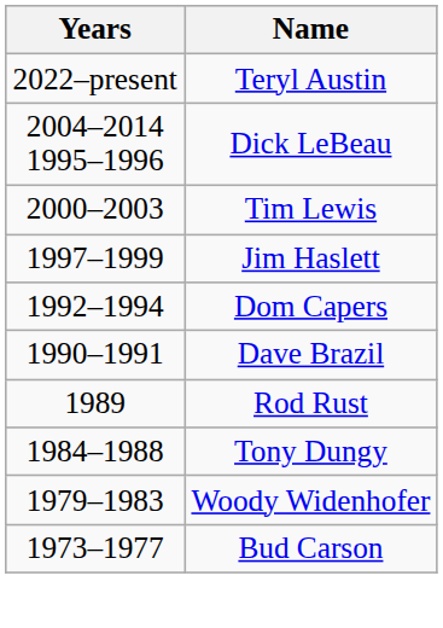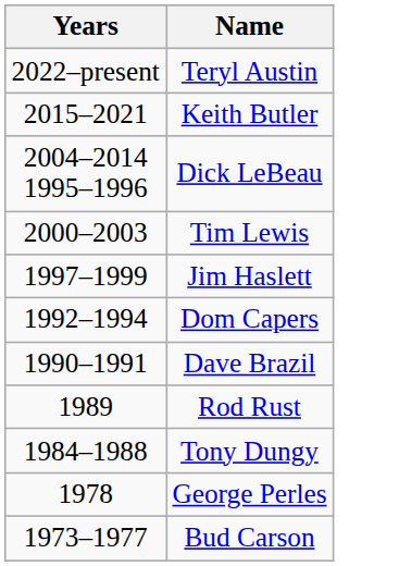 <table class="wikitable" style="text-align:center">
 <tr>
 <th>Years</th>
 <th>Name</th>
 </tr>
 <tr>
 <td>2022–present</td>
 <td><a href='#'>Teryl Austin</a></td>
+</tr>
+<tr>
+<td>2015–2021</td>
+<td><a href='#'>Keith Butler</a></td>
 </tr>
 <tr>
 <td>2004–2014<br>1995–1996</td>
 <td><a href='#'>Dick LeBeau</a></td>
 </tr>
 <tr>
 <td>2000–2003</td>
 <td><a href='#'>Tim Lewis</a></td>
 </tr>
 <tr>
 <td>1997–1999</td>
 <td><a href='#'>Jim Haslett</a></td>
 </tr>
 <tr>
 <td>1992–1994</td>
 <td><a href='#'>Dom Capers</a></td>
 </tr>
 <tr>
 <td>1990–1991</td>
 <td><a href='#'>Dave Brazil</a></td>
 </tr>
 <tr>
 <td>1989</td>
 <td><a href='#'>Rod Rust</a></td>
 </tr>
 <tr>
 <td>1984–1988</td>
 <td><a href='#'>Tony Dungy</a></td>
 </tr>
 <tr>
-<td>1979–1983</td>
-<td><a href='#'>Woody Widenhofer</a></td>
+<td>1978</td>
+<td><a href='#'>George Perles</a></td>
 </tr>
 <tr>
 <td>1973–1977</td>
 <td><a href='#'>Bud Carson</a></td>
 </tr>
 </table>
